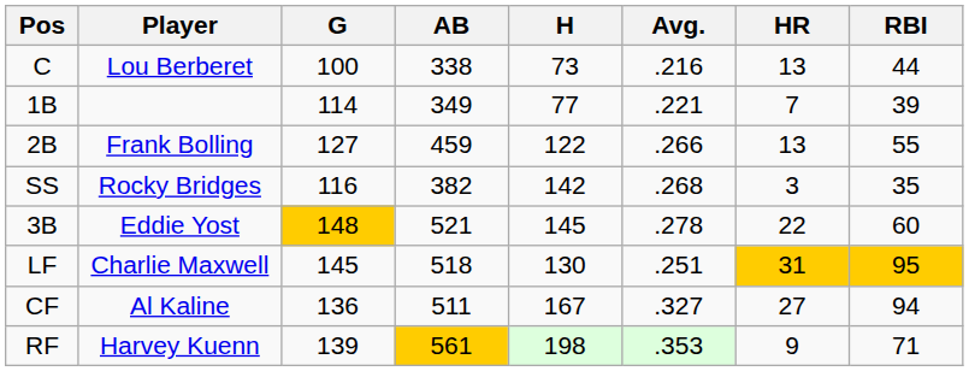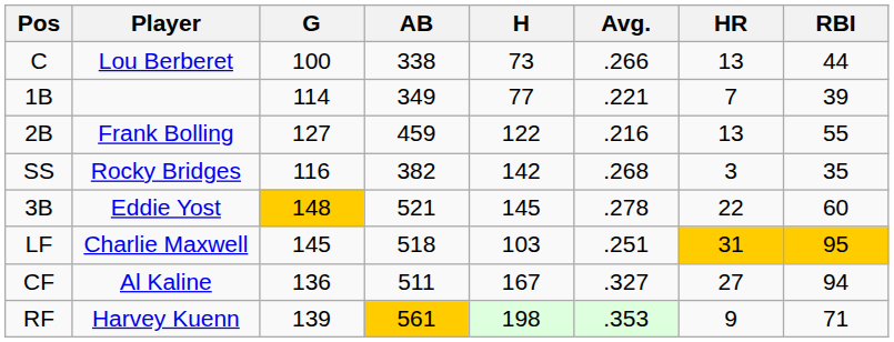 <table class="wikitable sortable">
 <tr>
 <th bgcolor="#DDDDFF" width="5%">Pos</th>
 <th bgcolor="#DDDDFF" width="16%">Player</th>
 <th bgcolor="#DDDDFF" width="9%">G</th>
 <th bgcolor="#DDDDFF" width="9%">AB</th>
 <th bgcolor="#DDDDFF" width="9%">H</th>
 <th bgcolor="#DDDDFF" width="9%">Avg.</th>
 <th bgcolor="#DDDDFF" width="9%">HR</th>
 <th bgcolor="#DDDDFF" width="9%">RBI</th>
 </tr>
 <tr align="center">
 <td>C</td>
 <td><a href='#'>Lou Berberet</a></td>
 <td>100</td>
 <td>338</td>
 <td>73</td>
-<td>.216</td>
+<td>.266</td>
 <td>13</td>
 <td>44</td>
 </tr>
 <tr align=center>
 <td>1B</td>
 <td></td>
 <td>114</td>
 <td>349</td>
 <td>77</td>
 <td>.221</td>
 <td>7</td>
 <td>39</td>
 </tr>
 <tr align="center">
 <td>2B</td>
 <td><a href='#'>Frank Bolling</a></td>
 <td>127</td>
 <td>459</td>
 <td>122</td>
-<td>.266</td>
+<td>.216</td>
 <td>13</td>
 <td>55</td>
 </tr>
 <tr align=center>
 <td>SS</td>
 <td><a href='#'>Rocky Bridges</a></td>
 <td>116</td>
 <td>382</td>
 <td>142</td>
 <td>.268</td>
 <td>3</td>
 <td>35</td>
 </tr>
 <tr align=center>
 <td>3B</td>
 <td><a href='#'>Eddie Yost</a></td>
 <td style="background:#fc0;">148</td>
 <td>521</td>
 <td>145</td>
 <td>.278</td>
 <td>22</td>
 <td>60</td>
 </tr>
 <tr align=center>
 <td>LF</td>
 <td><a href='#'>Charlie Maxwell</a></td>
 <td>145</td>
 <td>518</td>
-<td>130</td>
+<td>103</td>
 <td>.251</td>
 <td style="background:#fc0;">31</td>
 <td style="background:#fc0;">95</td>
 </tr>
 <tr align=center>
 <td>CF</td>
 <td><a href='#'>Al Kaline</a></td>
 <td>136</td>
 <td>511</td>
 <td>167</td>
 <td>.327</td>
 <td>27</td>
 <td>94</td>
 </tr>
 <tr align=center>
 <td>RF</td>
 <td><a href='#'>Harvey Kuenn</a></td>
 <td>139</td>
 <td style="background:#fc0;">561</td>
 <td style="background:#DDFFDD;">198</td>
 <td style="background:#DDFFDD;">.353</td>
 <td>9</td>
 <td>71</td>
 </tr>
 </table>
